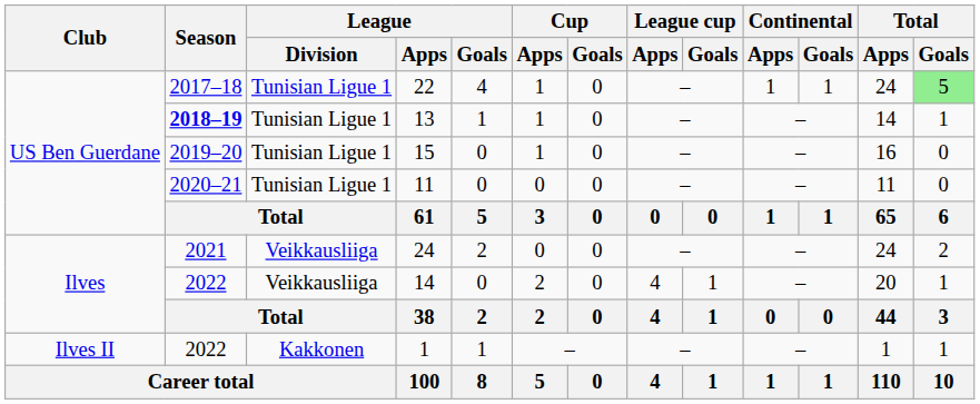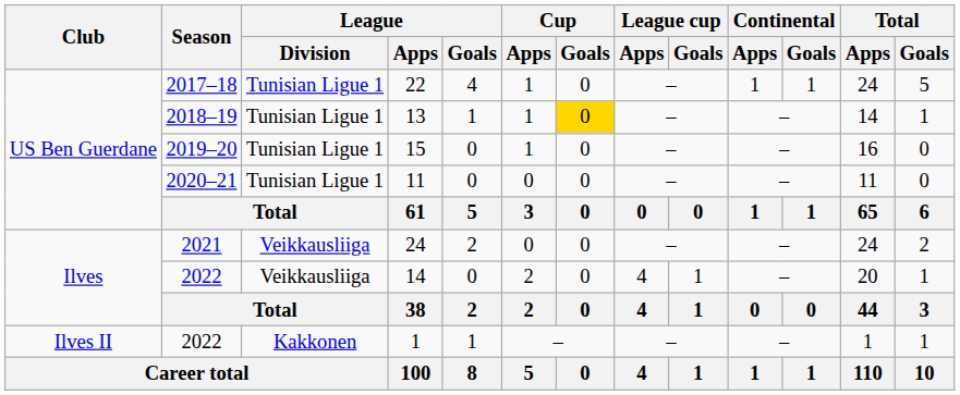 <table class="wikitable" style="text-align:center">
 <tr>
 <th rowspan="2">Club</th>
 <th rowspan="2">Season</th>
 <th colspan="3">League</th>
 <th colspan="2">Cup</th>
 <th colspan="2">League cup</th>
 <th colspan="2">Continental</th>
 <th colspan="2">Total</th>
 </tr>
 <tr>
 <th>Division</th>
 <th>Apps</th>
 <th>Goals</th>
 <th>Apps</th>
 <th>Goals</th>
 <th>Apps</th>
 <th>Goals</th>
 <th>Apps</th>
 <th>Goals</th>
 <th>Apps</th>
 <th>Goals</th>
 </tr>
 <tr>
 <td rowspan=5><a href='#'>US Ben Guerdane</a></td>
 <td><a href='#'>2017–18</a></td>
 <td><a href='#'>Tunisian Ligue 1</a></td>
 <td>22</td>
 <td>4</td>
 <td>1</td>
 <td>0</td>
 <td colspan=2>–</td>
 <td>1</td>
 <td>1</td>
 <td>24</td>
-<td style="background: lightgreen;">5</td>
+<td>5</td>
 </tr>
 <tr>
-<td><strong><a href='#'>2018–19</a></strong></td>
+<td><a href='#'>2018–19</a></td>
 <td>Tunisian Ligue 1</td>
 <td>13</td>
 <td>1</td>
 <td>1</td>
-<td>0</td>
+<td style="background: gold;">0</td>
 <td colspan=2>–</td>
 <td colspan=2>–</td>
 <td>14</td>
 <td>1</td>
 </tr>
 <tr>
 <td><a href='#'>2019–20</a></td>
 <td>Tunisian Ligue 1</td>
 <td>15</td>
 <td>0</td>
 <td>1</td>
 <td>0</td>
 <td colspan=2>–</td>
 <td colspan=2>–</td>
 <td>16</td>
 <td>0</td>
 </tr>
 <tr>
 <td><a href='#'>2020–21</a></td>
 <td>Tunisian Ligue 1</td>
 <td>11</td>
 <td>0</td>
 <td>0</td>
 <td>0</td>
 <td colspan=2>–</td>
 <td colspan=2>–</td>
 <td>11</td>
 <td>0</td>
 </tr>
 <tr>
 <th colspan=2>Total</th>
 <th>61</th>
 <th>5</th>
 <th>3</th>
 <th>0</th>
 <th>0</th>
 <th>0</th>
 <th>1</th>
 <th>1</th>
 <th>65</th>
 <th>6</th>
 </tr>
 <tr>
 <td rowspan=3><a href='#'>Ilves</a></td>
 <td><a href='#'>2021</a></td>
 <td><a href='#'>Veikkausliiga</a></td>
 <td>24</td>
 <td>2</td>
 <td>0</td>
 <td>0</td>
 <td colspan=2>–</td>
 <td colspan=2>–</td>
 <td>24</td>
 <td>2</td>
 </tr>
 <tr>
 <td><a href='#'>2022</a></td>
 <td>Veikkausliiga</td>
 <td>14</td>
 <td>0</td>
 <td>2</td>
 <td>0</td>
 <td>4</td>
 <td>1</td>
 <td colspan=2>–</td>
 <td>20</td>
 <td>1</td>
 </tr>
 <tr>
 <th colspan=2>Total</th>
 <th>38</th>
 <th>2</th>
 <th>2</th>
 <th>0</th>
 <th>4</th>
 <th>1</th>
 <th>0</th>
 <th>0</th>
 <th>44</th>
 <th>3</th>
 </tr>
 <tr>
 <td><a href='#'>Ilves II</a></td>
 <td>2022</td>
 <td><a href='#'>Kakkonen</a></td>
 <td>1</td>
 <td>1</td>
 <td colspan=2>–</td>
 <td colspan=2>–</td>
 <td colspan=2>–</td>
 <td>1</td>
 <td>1</td>
 </tr>
 <tr>
 <th colspan="3">Career total</th>
 <th>100</th>
 <th>8</th>
 <th>5</th>
 <th>0</th>
 <th>4</th>
 <th>1</th>
 <th>1</th>
 <th>1</th>
 <th>110</th>
 <th>10</th>
 </tr>
 </table>
